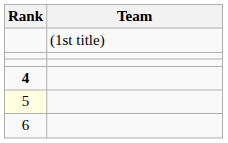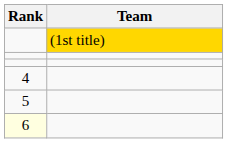 <table class=wikitable style="text-align:center;">
 <tr>
 <th>Rank</th>
 <th width=180>Team</th>
 </tr>
 <tr>
 <td></td>
-<td align=left> (1st title)</td>
+<td align=left style="background: gold;"> (1st title)</td>
 </tr>
 <tr>
 <td></td>
 <td align=left></td>
 </tr>
 <tr>
 <td></td>
 <td align=left></td>
 </tr>
 <tr>
-<td><strong>4</strong></td>
+<td>4</td>
 <td align=left></td>
 </tr>
 <tr>
-<td style="background: lightyellow;">5</td>
+<td>5</td>
 <td align=left></td>
 </tr>
 <tr>
-<td>6</td>
+<td style="background: lightyellow;">6</td>
 <td align=left></td>
 </tr>
 </table>
